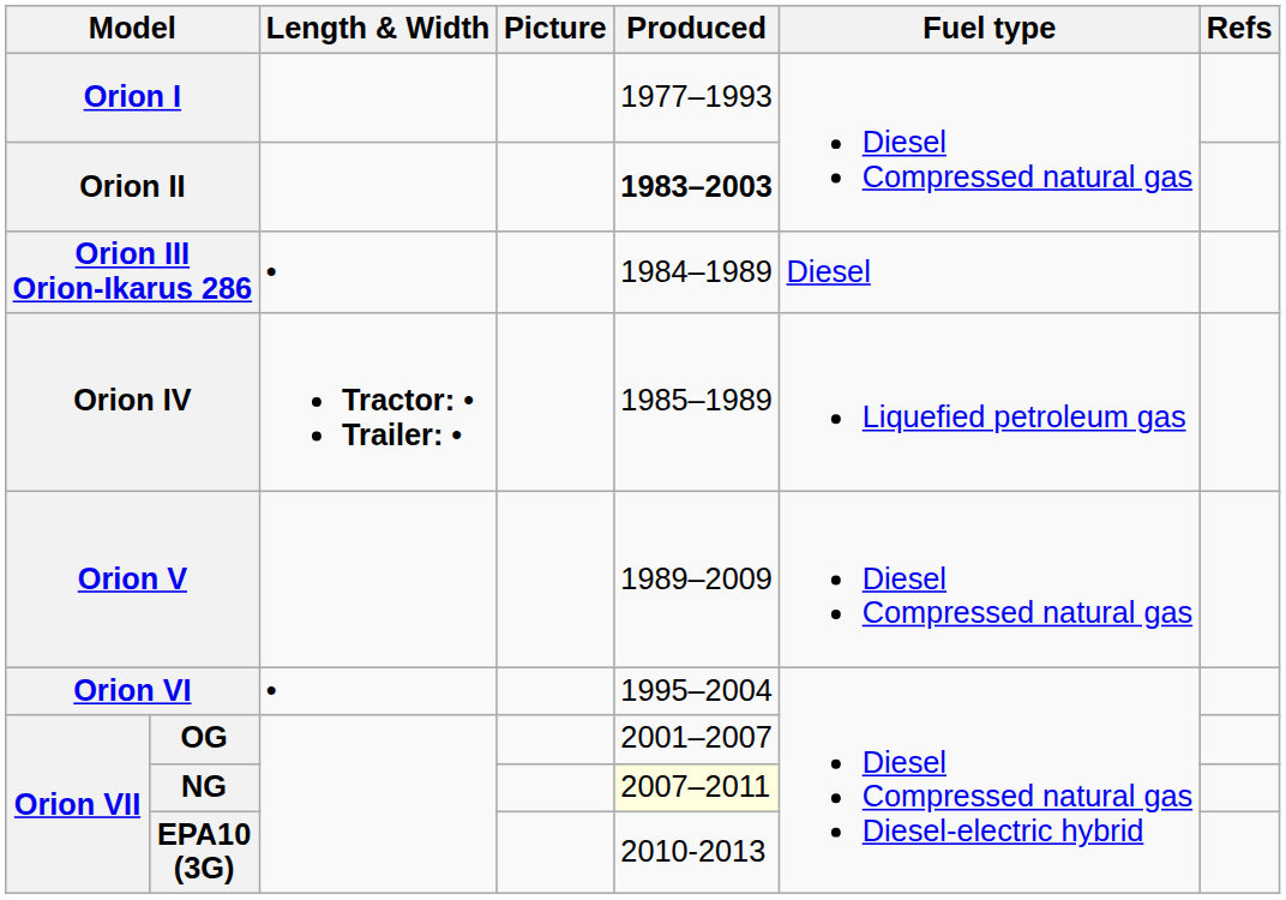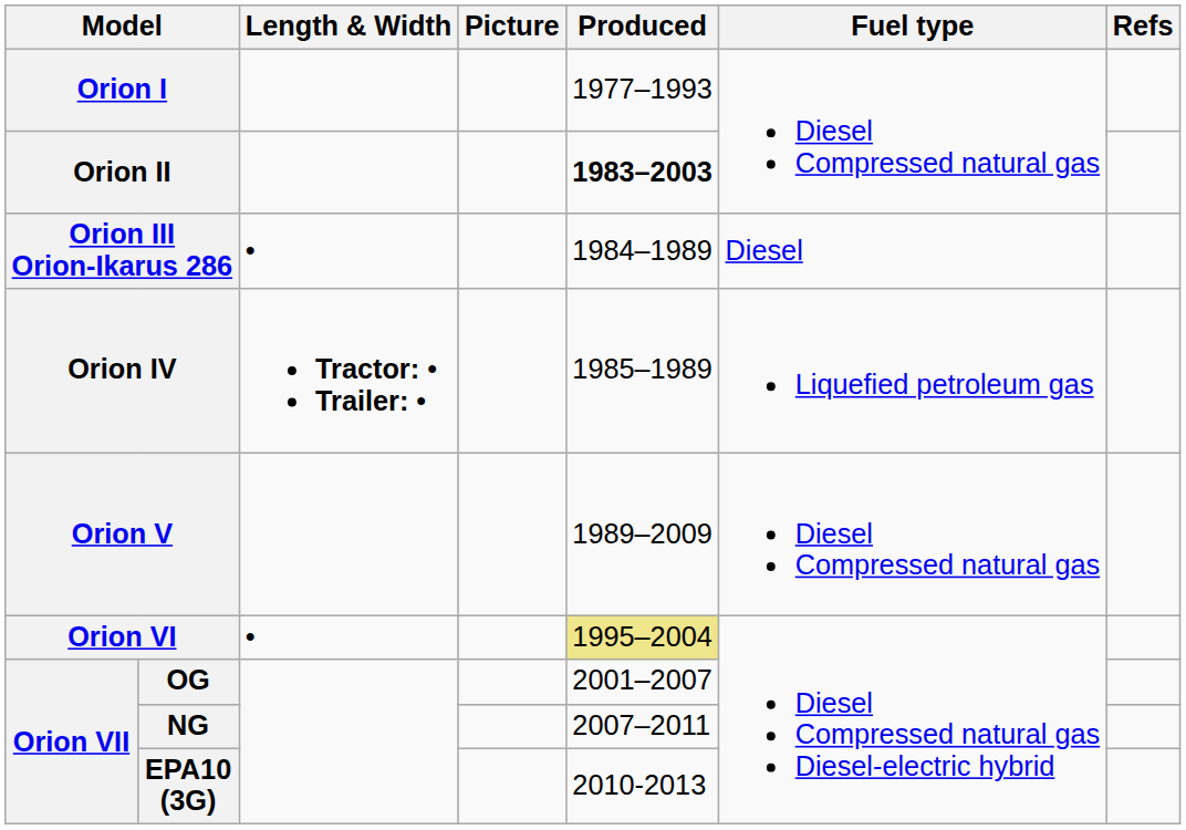 <table class="wikitable">
 <tr>
 <th colspan="2">Model</th>
 <th>Length & Width</th>
 <th>Picture</th>
 <th>Produced</th>
 <th>Fuel type</th>
 <th>Refs</th>
 </tr>
 <tr>
 <th colspan="2"><strong><a href='#'>Orion I</a></strong></th>
 <td></td>
 <td></td>
 <td>1977–1993</td>
 <td rowspan=2><br><ul><li><a href='#'>Diesel</a></li><li><a href='#'>Compressed natural gas</a></li></ul></td>
 <td></td>
 </tr>
 <tr>
 <th colspan="2"><strong>Orion II</strong></th>
 <td></td>
 <td></td>
 <td><strong>1983–2003</strong></td>
 <td></td>
 </tr>
 <tr>
 <th colspan="2"><a href='#'>Orion III<br>Orion-Ikarus 286</a></th>
 <td> • </td>
 <td></td>
 <td>1984–1989</td>
 <td><a href='#'>Diesel</a></td>
 <td></td>
 </tr>
 <tr>
 <th colspan="2"><strong>Orion IV</strong></th>
 <td><br><ul><li><strong>Tractor:</strong>  • </li><li><strong>Trailer:</strong>  • </li></ul></td>
 <td></td>
 <td>1985–1989</td>
 <td><br><ul><li><a href='#'>Liquefied petroleum gas</a></li></ul></td>
 <td></td>
 </tr>
 <tr>
 <th colspan="2"><strong><a href='#'>Orion V</a></strong></th>
 <td></td>
 <td></td>
 <td>1989–2009</td>
 <td><br><ul><li><a href='#'>Diesel</a></li><li><a href='#'>Compressed natural gas</a></li></ul></td>
 <td></td>
 </tr>
 <tr>
 <th colspan="2"><strong><a href='#'>Orion VI</a></strong></th>
 <td> • </td>
 <td></td>
-<td>1995–2004</td>
+<td style="background: khaki;">1995–2004</td>
 <td rowspan=4><br><ul><li><a href='#'>Diesel</a></li><li><a href='#'>Compressed natural gas</a></li><li><a href='#'>Diesel-electric hybrid</a></li></ul></td>
 <td></td>
 </tr>
 <tr>
 <th rowspan=3><strong><a href='#'>Orion VII</a></strong></th>
 <th>OG</th>
 <td rowspan=3></td>
 <td></td>
 <td>2001–2007</td>
 <td></td>
 </tr>
 <tr>
 <th>NG</th>
 <td></td>
-<td style="background: lightyellow;">2007–2011</td>
+<td>2007–2011</td>
 <td></td>
 </tr>
 <tr>
 <th>EPA10<br>(3G)</th>
 <td></td>
 <td>2010-2013</td>
 <td></td>
 </tr>
 </table>
